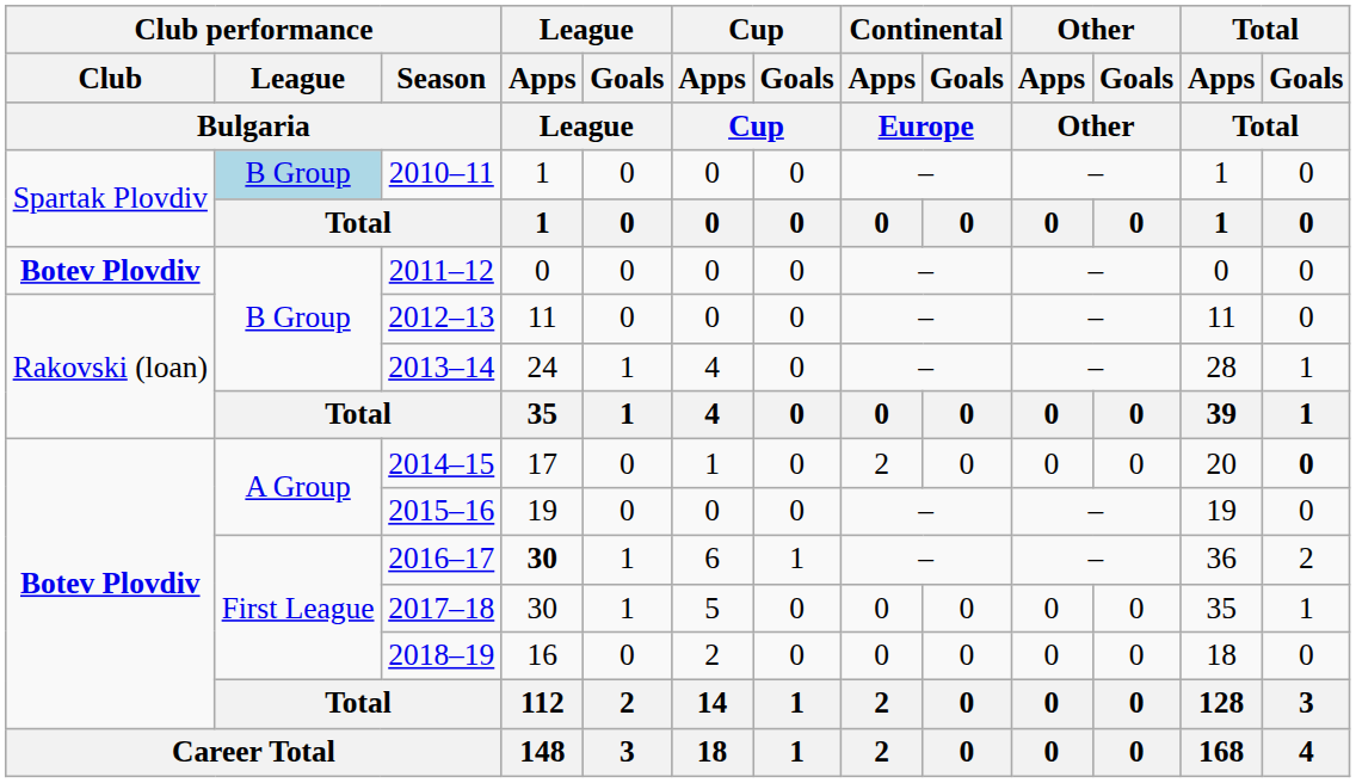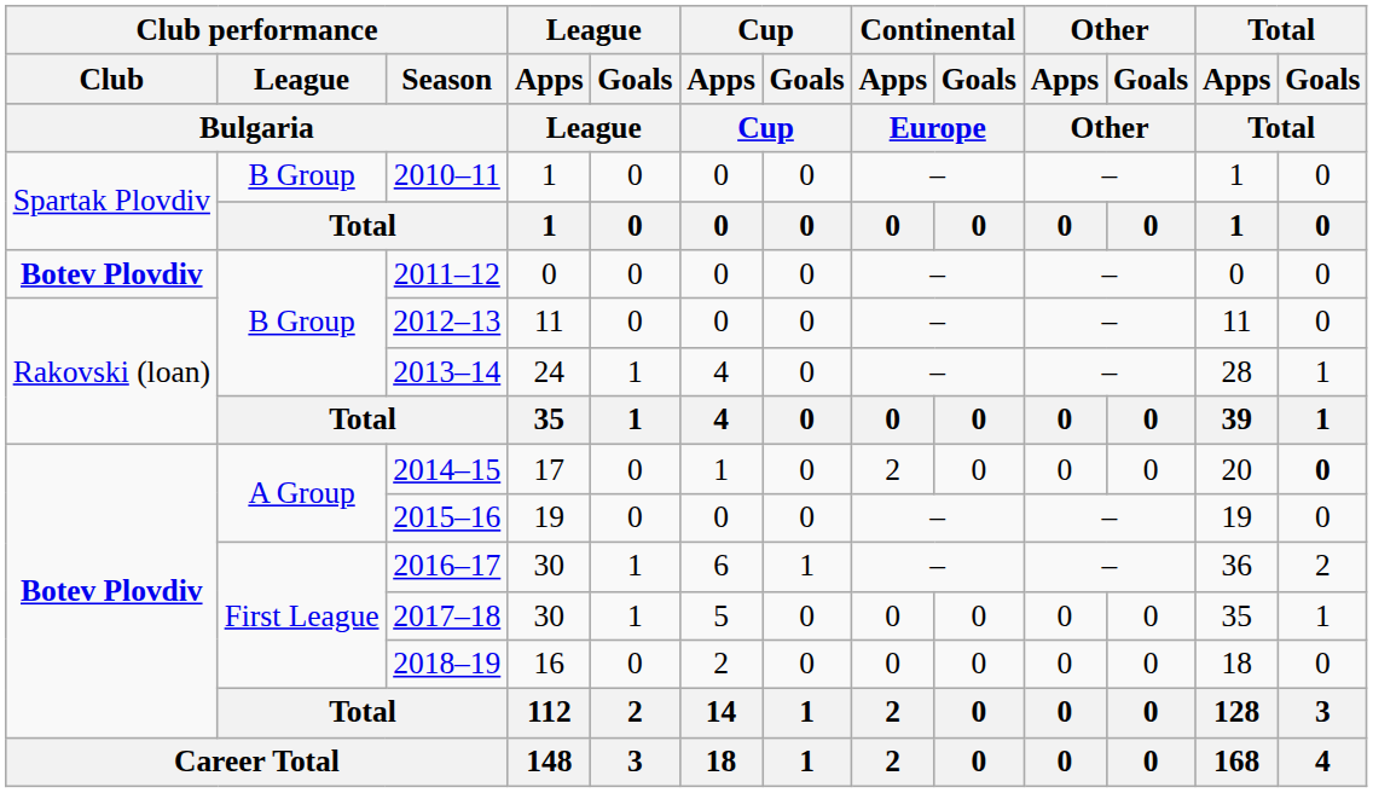 <table class="wikitable" style="text-align: center">
 <tr>
 <th Colspan="3">Club performance</th>
 <th Colspan="2">League</th>
 <th Colspan="2">Cup</th>
 <th Colspan="2">Continental</th>
 <th Colspan="2">Other</th>
 <th Colspan="3">Total</th>
 </tr>
 <tr>
 <th>Club</th>
 <th>League</th>
 <th>Season</th>
 <th>Apps</th>
 <th>Goals</th>
 <th>Apps</th>
 <th>Goals</th>
 <th>Apps</th>
 <th>Goals</th>
 <th>Apps</th>
 <th>Goals</th>
 <th>Apps</th>
 <th>Goals</th>
 </tr>
 <tr>
 <th Colspan="3">Bulgaria</th>
 <th Colspan="2">League</th>
 <th Colspan="2"><a href='#'>Cup</a></th>
 <th Colspan="2"><a href='#'>Europe</a></th>
 <th Colspan="2">Other</th>
 <th Colspan="2">Total</th>
 </tr>
 <tr>
 <td rowspan="2" valign="center"><a href='#'>Spartak Plovdiv</a></td>
-<td rowspan="1" style="background: lightblue;"><a href='#'>B Group</a></td>
+<td rowspan="1"><a href='#'>B Group</a></td>
 <td><a href='#'>2010–11</a></td>
 <td>1</td>
 <td>0</td>
 <td>0</td>
 <td>0</td>
 <td colspan="2">–</td>
 <td colspan="2">–</td>
 <td>1</td>
 <td>0</td>
 </tr>
 <tr>
 <th colspan=2>Total</th>
 <th>1</th>
 <th>0</th>
 <th>0</th>
 <th>0</th>
 <th>0</th>
 <th>0</th>
 <th>0</th>
 <th>0</th>
 <th>1</th>
 <th>0</th>
 </tr>
 <tr>
 <td rowspan="1" valign="center"><strong><a href='#'>Botev Plovdiv</a></strong></td>
 <td rowspan="3"><a href='#'>B Group</a></td>
 <td><a href='#'>2011–12</a></td>
 <td>0</td>
 <td>0</td>
 <td>0</td>
 <td>0</td>
 <td colspan="2">–</td>
 <td colspan="2">–</td>
 <td>0</td>
 <td>0</td>
 </tr>
 <tr>
 <td rowspan="3" valign="center"><a href='#'>Rakovski</a> (loan)</td>
 <td><a href='#'>2012–13</a></td>
 <td>11</td>
 <td>0</td>
 <td>0</td>
 <td>0</td>
 <td colspan="2">–</td>
 <td colspan="2">–</td>
 <td>11</td>
 <td>0</td>
 </tr>
 <tr>
 <td><a href='#'>2013–14</a></td>
 <td>24</td>
 <td>1</td>
 <td>4</td>
 <td>0</td>
 <td colspan="2">–</td>
 <td colspan="2">–</td>
 <td>28</td>
 <td>1</td>
 </tr>
 <tr>
 <th colspan=2>Total</th>
 <th>35</th>
 <th>1</th>
 <th>4</th>
 <th>0</th>
 <th>0</th>
 <th>0</th>
 <th>0</th>
 <th>0</th>
 <th>39</th>
 <th>1</th>
 </tr>
 <tr>
 <td rowspan="6" valign="center"><strong><a href='#'>Botev Plovdiv</a></strong></td>
 <td rowspan="2"><a href='#'>A Group</a></td>
 <td><a href='#'>2014–15</a></td>
 <td>17</td>
 <td>0</td>
 <td>1</td>
 <td>0</td>
 <td>2</td>
 <td>0</td>
 <td>0</td>
 <td>0</td>
 <td>20</td>
 <td><strong>0</strong></td>
 </tr>
 <tr>
 <td><a href='#'>2015–16</a></td>
 <td>19</td>
 <td>0</td>
 <td>0</td>
 <td>0</td>
 <td colspan="2">–</td>
 <td colspan="2">–</td>
 <td>19</td>
 <td>0</td>
 </tr>
 <tr>
 <td rowspan="3"><a href='#'>First League</a></td>
 <td><a href='#'>2016–17</a></td>
-<td><strong>30</strong></td>
+<td>30</td>
 <td>1</td>
 <td>6</td>
 <td>1</td>
 <td colspan="2">–</td>
 <td colspan="2">–</td>
 <td>36</td>
 <td>2</td>
 </tr>
 <tr>
 <td><a href='#'>2017–18</a></td>
 <td>30</td>
 <td>1</td>
 <td>5</td>
 <td>0</td>
 <td>0</td>
 <td>0</td>
 <td>0</td>
 <td>0</td>
 <td>35</td>
 <td>1</td>
 </tr>
 <tr>
 <td><a href='#'>2018–19</a></td>
 <td>16</td>
 <td>0</td>
 <td>2</td>
 <td>0</td>
 <td>0</td>
 <td>0</td>
 <td>0</td>
 <td>0</td>
 <td>18</td>
 <td>0</td>
 </tr>
 <tr>
 <th colspan=2>Total</th>
 <th>112</th>
 <th>2</th>
 <th>14</th>
 <th>1</th>
 <th>2</th>
 <th>0</th>
 <th>0</th>
 <th>0</th>
 <th>128</th>
 <th>3</th>
 </tr>
 <tr>
 <th colspan=3>Career Total</th>
 <th>148</th>
 <th>3</th>
 <th>18</th>
 <th>1</th>
 <th>2</th>
 <th>0</th>
 <th>0</th>
 <th>0</th>
 <th>168</th>
 <th>4</th>
 </tr>
 </table>
